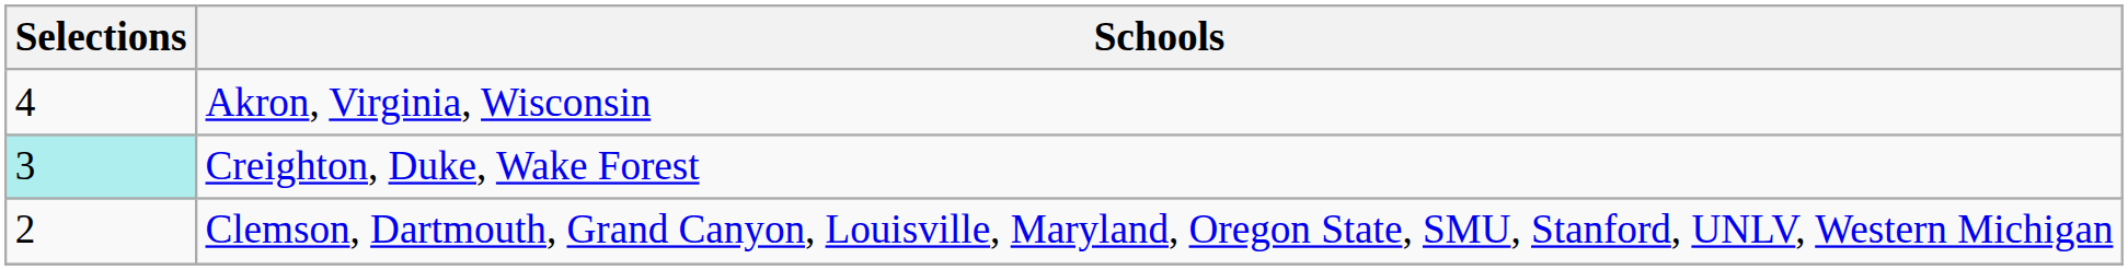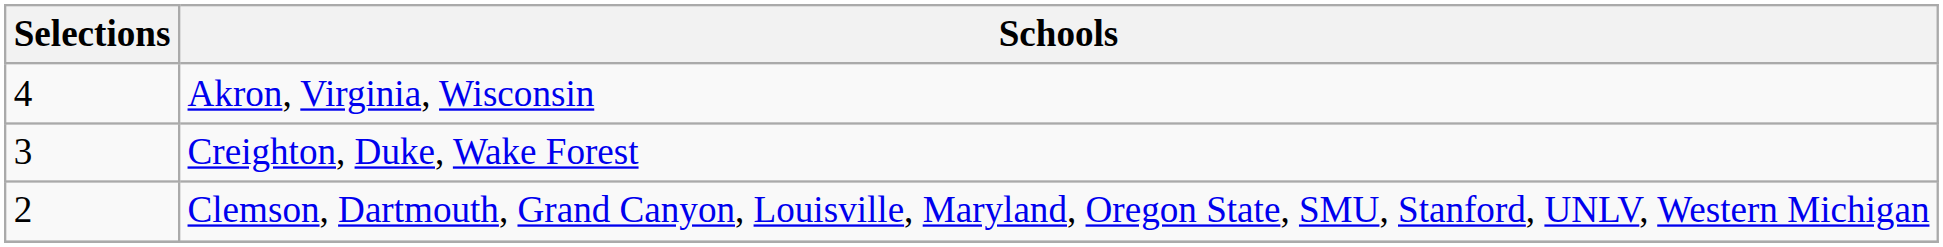 <table class="wikitable sortable" style="text-align:left">
 <tr>
 <th>Selections</th>
 <th class="unsortable">Schools</th>
 </tr>
 <tr>
 <td>4</td>
 <td><a href='#'>Akron</a>, <a href='#'>Virginia</a>, <a href='#'>Wisconsin</a></td>
 </tr>
 <tr>
-<td style="background: paleturquoise;">3</td>
+<td>3</td>
 <td><a href='#'>Creighton</a>, <a href='#'>Duke</a>,  <a href='#'>Wake Forest</a></td>
 </tr>
 <tr>
 <td>2</td>
 <td><a href='#'>Clemson</a>, <a href='#'>Dartmouth</a>, <a href='#'>Grand Canyon</a>, <a href='#'>Louisville</a>, <a href='#'>Maryland</a>, <a href='#'>Oregon State</a>, <a href='#'>SMU</a>, <a href='#'>Stanford</a>, <a href='#'>UNLV</a>, <a href='#'>Western Michigan</a></td>
 </tr>
 <tr>
 </tr>
 </table>
